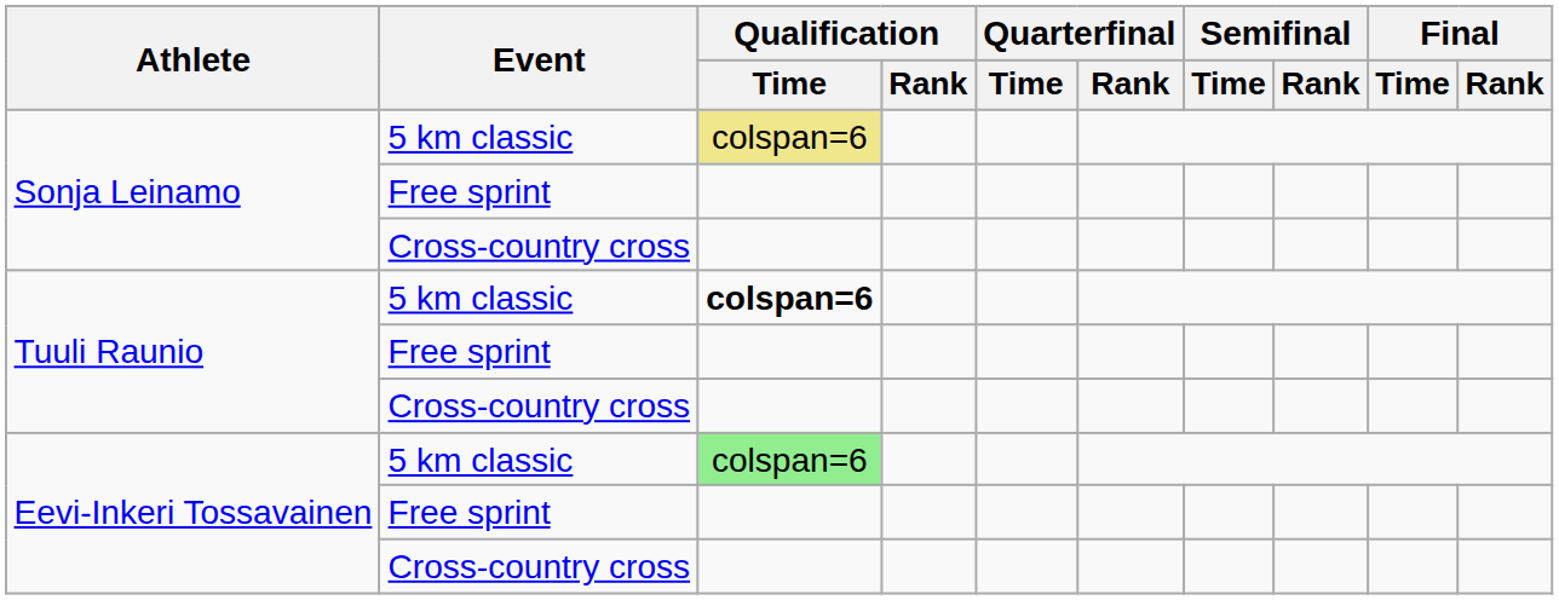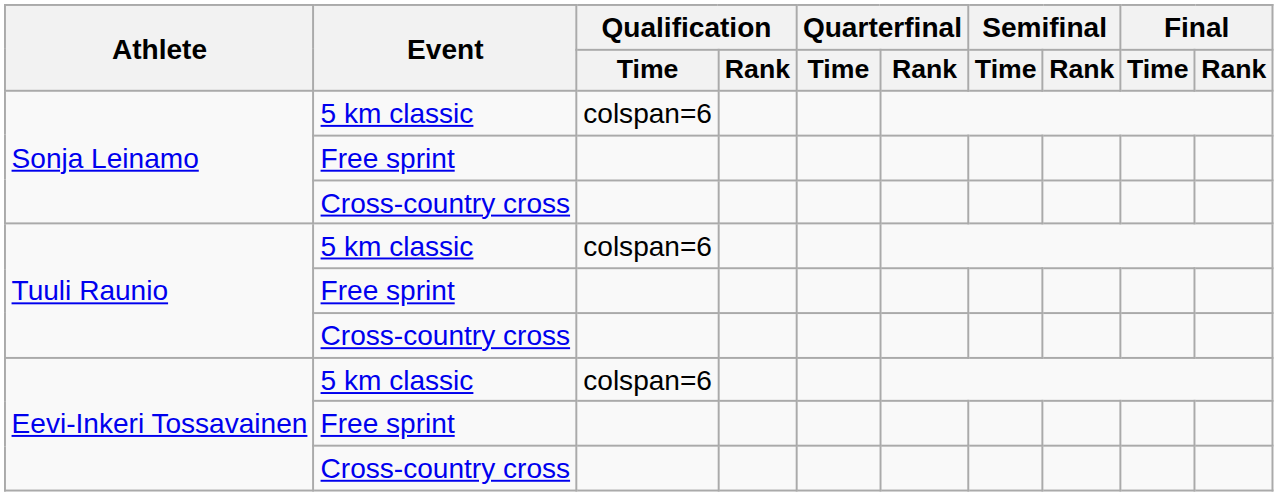 <table class="wikitable" style="font-size:90%">
 <tr>
 <th rowspan="2">Athlete</th>
 <th rowspan="2">Event</th>
 <th colspan="2">Qualification</th>
 <th colspan="2">Quarterfinal</th>
 <th colspan="2">Semifinal</th>
 <th colspan="2">Final</th>
 </tr>
 <tr style="font-size:95%">
 <th>Time</th>
 <th>Rank</th>
 <th>Time</th>
 <th>Rank</th>
 <th>Time</th>
 <th>Rank</th>
 <th>Time</th>
 <th>Rank</th>
 </tr>
 <tr align=center>
 <td align=left rowspan=3><a href='#'>Sonja Leinamo</a></td>
 <td align=left><a href='#'>5 km classic</a></td>
-<td style="background: khaki;">colspan=6 </td>
+<td>colspan=6 </td>
 <td></td>
 <td></td>
 </tr>
 <tr align=center>
 <td align=left><a href='#'>Free sprint</a></td>
 <td></td>
 <td></td>
 <td></td>
 <td></td>
 <td></td>
 <td></td>
 <td></td>
 <td></td>
 </tr>
 <tr align=center>
 <td align=left><a href='#'>Cross-country cross</a></td>
 <td></td>
 <td></td>
 <td></td>
 <td></td>
 <td></td>
 <td></td>
 <td></td>
 <td></td>
 </tr>
 <tr align=center>
 <td align=left rowspan=3><a href='#'>Tuuli Raunio</a></td>
 <td align=left><a href='#'>5 km classic</a></td>
-<td><strong>colspan=6 </strong></td>
+<td>colspan=6 </td>
 <td></td>
 <td></td>
 </tr>
 <tr align=center>
 <td align=left><a href='#'>Free sprint</a></td>
 <td></td>
 <td></td>
 <td></td>
 <td></td>
 <td></td>
 <td></td>
 <td></td>
 <td></td>
 </tr>
 <tr align=center>
 <td align=left><a href='#'>Cross-country cross</a></td>
 <td></td>
 <td></td>
 <td></td>
 <td></td>
 <td></td>
 <td></td>
 <td></td>
 <td></td>
 </tr>
 <tr align=center>
 <td align=left rowspan=3><a href='#'>Eevi-Inkeri Tossavainen</a></td>
 <td align=left><a href='#'>5 km classic</a></td>
-<td style="background: lightgreen;">colspan=6 </td>
+<td>colspan=6 </td>
 <td></td>
 <td></td>
 </tr>
 <tr align=center>
 <td align=left><a href='#'>Free sprint</a></td>
 <td></td>
 <td></td>
 <td></td>
 <td></td>
 <td></td>
 <td></td>
 <td></td>
 <td></td>
 </tr>
 <tr align=center>
 <td align=left><a href='#'>Cross-country cross</a></td>
 <td></td>
 <td></td>
 <td></td>
 <td></td>
 <td></td>
 <td></td>
 <td></td>
 <td></td>
 </tr>
 </table>
